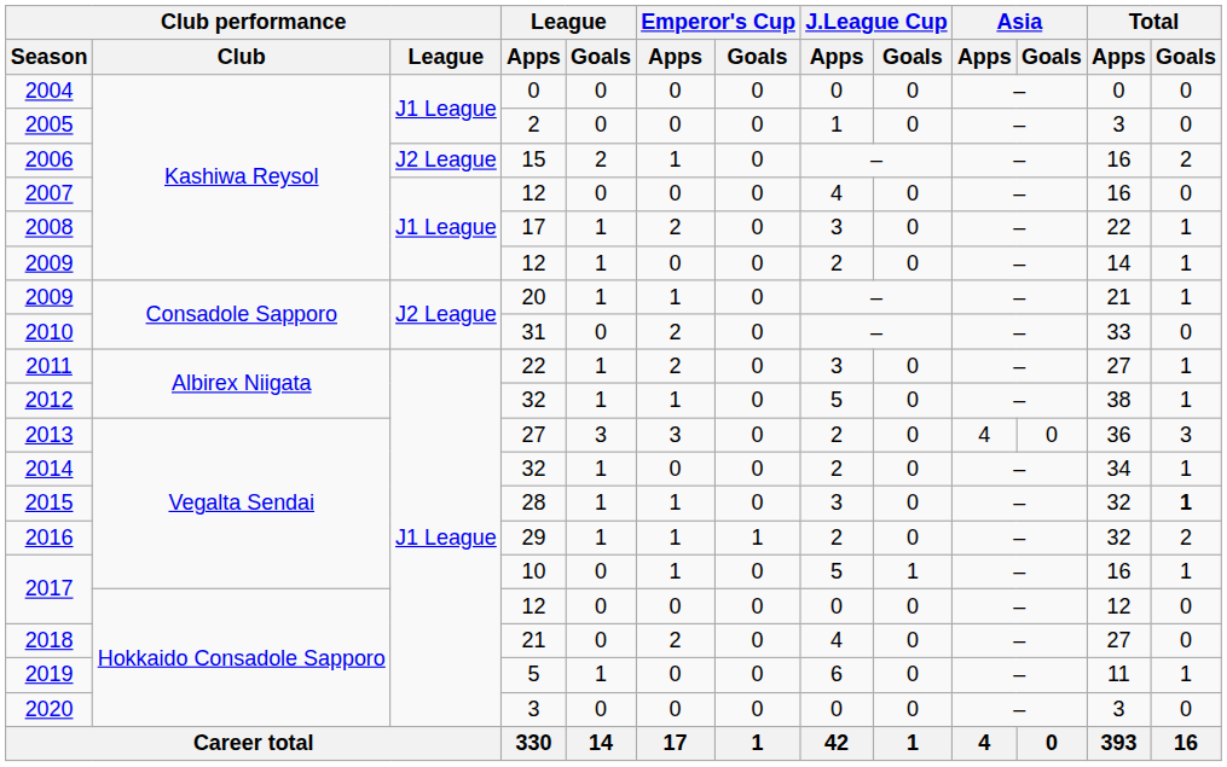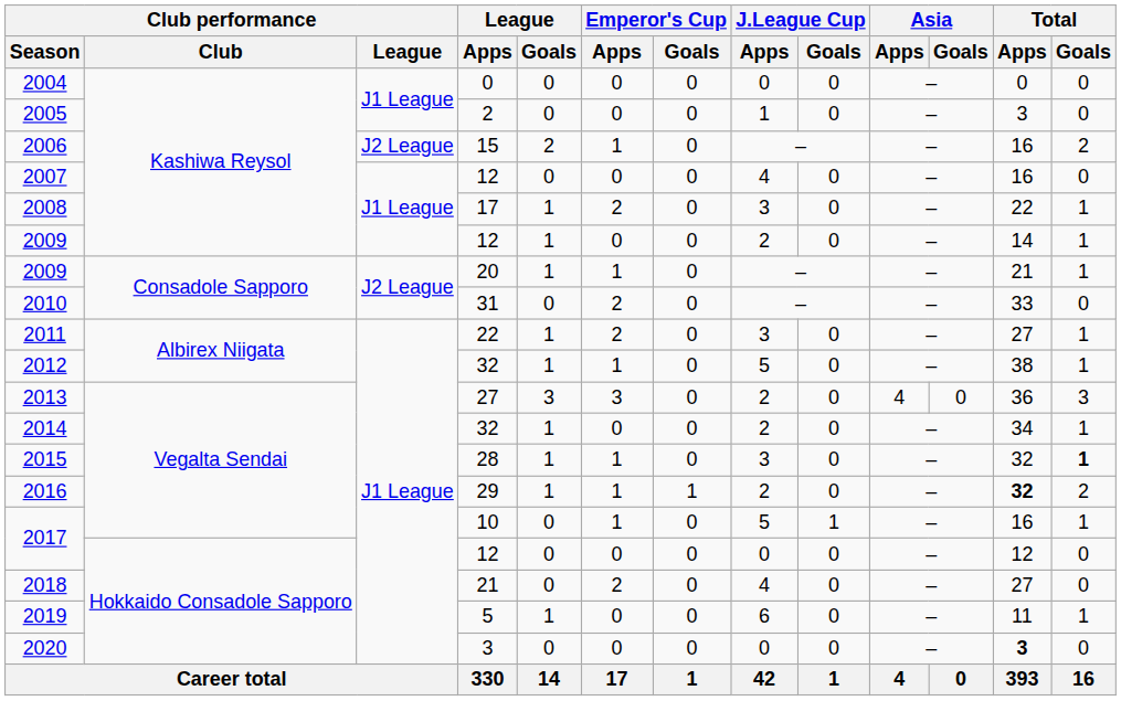 <table class="wikitable" style="text-align: center">
 <tr>
 <th Colspan="3">Club performance</th>
 <th Colspan="2">League</th>
 <th Colspan="2"><a href='#'>Emperor's Cup</a></th>
 <th Colspan="2"><a href='#'>J.League Cup</a></th>
 <th colspan="2"><a href='#'>Asia</a></th>
 <th Colspan="2">Total</th>
 </tr>
 <tr>
 <th>Season</th>
 <th>Club</th>
 <th>League</th>
 <th>Apps</th>
 <th>Goals</th>
 <th>Apps</th>
 <th>Goals</th>
 <th>Apps</th>
 <th>Goals</th>
 <th>Apps</th>
 <th>Goals</th>
 <th>Apps</th>
 <th>Goals</th>
 </tr>
 <tr>
 <td><a href='#'>2004</a></td>
 <td rowspan="6"><a href='#'>Kashiwa Reysol</a></td>
 <td rowspan="2"><a href='#'>J1 League</a></td>
 <td>0</td>
 <td>0</td>
 <td>0</td>
 <td>0</td>
 <td>0</td>
 <td>0</td>
 <td colspan="2">–</td>
 <td>0</td>
 <td>0</td>
 </tr>
 <tr>
 <td><a href='#'>2005</a></td>
 <td>2</td>
 <td>0</td>
 <td>0</td>
 <td>0</td>
 <td>1</td>
 <td>0</td>
 <td colspan="2">–</td>
 <td>3</td>
 <td>0</td>
 </tr>
 <tr>
 <td><a href='#'>2006</a></td>
 <td><a href='#'>J2 League</a></td>
 <td>15</td>
 <td>2</td>
 <td>1</td>
 <td>0</td>
 <td colspan="2">–</td>
 <td colspan="2">–</td>
 <td>16</td>
 <td>2</td>
 </tr>
 <tr>
 <td><a href='#'>2007</a></td>
 <td rowspan="3"><a href='#'>J1 League</a></td>
 <td>12</td>
 <td>0</td>
 <td>0</td>
 <td>0</td>
 <td>4</td>
 <td>0</td>
 <td colspan="2">–</td>
 <td>16</td>
 <td>0</td>
 </tr>
 <tr>
 <td><a href='#'>2008</a></td>
 <td>17</td>
 <td>1</td>
 <td>2</td>
 <td>0</td>
 <td>3</td>
 <td>0</td>
 <td colspan="2">–</td>
 <td>22</td>
 <td>1</td>
 </tr>
 <tr>
 <td><a href='#'>2009</a></td>
 <td>12</td>
 <td>1</td>
 <td>0</td>
 <td>0</td>
 <td>2</td>
 <td>0</td>
 <td colspan="2">–</td>
 <td>14</td>
 <td>1</td>
 </tr>
 <tr>
 <td><a href='#'>2009</a></td>
 <td rowspan="2"><a href='#'>Consadole Sapporo</a></td>
 <td rowspan="2"><a href='#'>J2 League</a></td>
 <td>20</td>
 <td>1</td>
 <td>1</td>
 <td>0</td>
 <td colspan="2">–</td>
 <td colspan="2">–</td>
 <td>21</td>
 <td>1</td>
 </tr>
 <tr>
 <td><a href='#'>2010</a></td>
 <td>31</td>
 <td>0</td>
 <td>2</td>
 <td>0</td>
 <td colspan="2">–</td>
 <td colspan="2">–</td>
 <td>33</td>
 <td>0</td>
 </tr>
 <tr>
 <td><a href='#'>2011</a></td>
 <td rowspan="2"><a href='#'>Albirex Niigata</a></td>
 <td rowspan="11"><a href='#'>J1 League</a></td>
 <td>22</td>
 <td>1</td>
 <td>2</td>
 <td>0</td>
 <td>3</td>
 <td>0</td>
 <td colspan="2">–</td>
 <td>27</td>
 <td>1</td>
 </tr>
 <tr>
 <td><a href='#'>2012</a></td>
 <td>32</td>
 <td>1</td>
 <td>1</td>
 <td>0</td>
 <td>5</td>
 <td>0</td>
 <td colspan="2">–</td>
 <td>38</td>
 <td>1</td>
 </tr>
 <tr>
 <td><a href='#'>2013</a></td>
 <td rowspan="5"><a href='#'>Vegalta Sendai</a></td>
 <td>27</td>
 <td>3</td>
 <td>3</td>
 <td>0</td>
 <td>2</td>
 <td>0</td>
 <td>4</td>
 <td>0</td>
 <td>36</td>
 <td>3</td>
 </tr>
 <tr>
 <td><a href='#'>2014</a></td>
 <td>32</td>
 <td>1</td>
 <td>0</td>
 <td>0</td>
 <td>2</td>
 <td>0</td>
 <td colspan="2">–</td>
 <td>34</td>
 <td>1</td>
 </tr>
 <tr>
 <td><a href='#'>2015</a></td>
 <td>28</td>
 <td>1</td>
 <td>1</td>
 <td>0</td>
 <td>3</td>
 <td>0</td>
 <td colspan="2">–</td>
 <td>32</td>
 <td><strong>1</strong></td>
 </tr>
 <tr>
 <td><a href='#'>2016</a></td>
 <td>29</td>
 <td>1</td>
 <td>1</td>
 <td>1</td>
 <td>2</td>
 <td>0</td>
 <td colspan="2">–</td>
-<td>32</td>
+<td><strong>32</strong></td>
 <td>2</td>
 </tr>
 <tr>
 <td rowspan="2"><a href='#'>2017</a></td>
 <td>10</td>
 <td>0</td>
 <td>1</td>
 <td>0</td>
 <td>5</td>
 <td>1</td>
 <td colspan="2">–</td>
 <td>16</td>
 <td>1</td>
 </tr>
 <tr>
 <td rowspan="4"><a href='#'>Hokkaido Consadole Sapporo</a></td>
 <td>12</td>
 <td>0</td>
 <td>0</td>
 <td>0</td>
 <td>0</td>
 <td>0</td>
 <td colspan="2">–</td>
 <td>12</td>
 <td>0</td>
 </tr>
 <tr>
 <td><a href='#'>2018</a></td>
 <td>21</td>
 <td>0</td>
 <td>2</td>
 <td>0</td>
 <td>4</td>
 <td>0</td>
 <td colspan="2">–</td>
 <td>27</td>
 <td>0</td>
 </tr>
 <tr>
 <td><a href='#'>2019</a></td>
 <td>5</td>
 <td>1</td>
 <td>0</td>
 <td>0</td>
 <td>6</td>
 <td>0</td>
 <td colspan="2">–</td>
 <td>11</td>
 <td>1</td>
 </tr>
 <tr>
 <td><a href='#'>2020</a></td>
 <td>3</td>
 <td>0</td>
 <td>0</td>
 <td>0</td>
 <td>0</td>
 <td>0</td>
 <td colspan="2">–</td>
-<td>3</td>
+<td><strong>3</strong></td>
 <td>0</td>
 </tr>
 <tr>
 <th colspan="3">Career total</th>
 <th>330</th>
 <th>14</th>
 <th>17</th>
 <th>1</th>
 <th>42</th>
 <th>1</th>
 <th>4</th>
 <th>0</th>
 <th>393</th>
 <th>16</th>
 </tr>
 </table>
